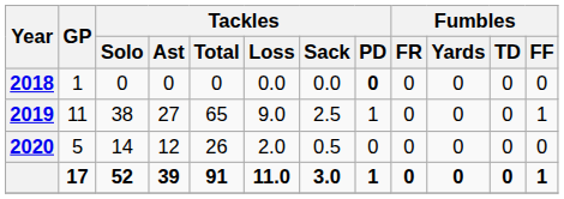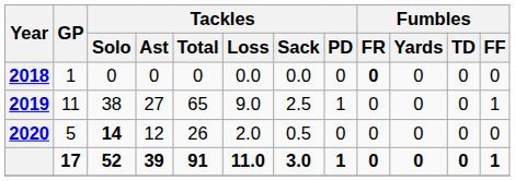 <table class="wikitable" style="text-align:center;">
 <tr>
 <th rowspan="2">Year</th>
 <th rowspan="2">GP</th>
 <th colspan="6">Tackles</th>
 <th colspan="4">Fumbles</th>
 </tr>
 <tr>
 <th>Solo</th>
 <th>Ast</th>
 <th>Total</th>
 <th>Loss</th>
 <th>Sack</th>
 <th>PD</th>
 <th>FR</th>
 <th>Yards</th>
 <th>TD</th>
 <th>FF</th>
 </tr>
 <tr>
 <th><a href='#'>2018</a></th>
 <td>1</td>
 <td>0</td>
 <td>0</td>
 <td>0</td>
 <td>0.0</td>
 <td>0.0</td>
+<td>0</td>
 <td><strong>0</strong></td>
-<td>0</td>
 <td>0</td>
 <td>0</td>
 <td>0</td>
 </tr>
 <tr>
 <th><a href='#'>2019</a></th>
 <td>11</td>
 <td>38</td>
 <td>27</td>
 <td>65</td>
 <td>9.0</td>
 <td>2.5</td>
 <td>1</td>
 <td>0</td>
 <td>0</td>
 <td>0</td>
 <td>1</td>
 </tr>
 <tr>
 <th><a href='#'>2020</a></th>
 <td>5</td>
-<td>14</td>
+<td><strong>14</strong></td>
 <td>12</td>
 <td>26</td>
 <td>2.0</td>
 <td>0.5</td>
 <td>0</td>
 <td>0</td>
 <td>0</td>
 <td>0</td>
 <td>0</td>
 </tr>
 <tr>
 <th></th>
 <td><strong>17</strong></td>
 <td><strong>52</strong></td>
 <td><strong>39</strong></td>
 <td><strong>91</strong></td>
 <td><strong>11.0</strong></td>
 <td><strong>3.0</strong></td>
 <td><strong>1</strong></td>
 <td><strong>0</strong></td>
 <td><strong>0</strong></td>
 <td><strong>0</strong></td>
 <td><strong>1</strong></td>
 </tr>
 <tr>
 </tr>
 </table>
